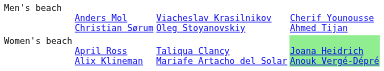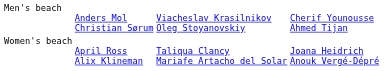 <table>
 <tr valign="top">
 <td>Men's beach<br></td>
 <td><br><a href='#'>Anders Mol</a><br><a href='#'>Christian Sørum</a></td>
 <td><br><a href='#'>Viacheslav Krasilnikov</a><br><a href='#'>Oleg Stoyanovskiy</a></td>
 <td><br><a href='#'>Cherif Younousse</a><br><a href='#'>Ahmed Tijan</a></td>
 </tr>
 <tr valign="top">
 <td>Women's beach<br></td>
 <td><br><a href='#'>April Ross</a><br><a href='#'>Alix Klineman</a></td>
 <td><br><a href='#'>Taliqua Clancy</a><br><a href='#'>Mariafe Artacho del Solar</a></td>
-<td style="background: lightgreen;"><br><a href='#'>Joana Heidrich</a><br><a href='#'>Anouk Vergé-Dépré</a></td>
+<td><br><a href='#'>Joana Heidrich</a><br><a href='#'>Anouk Vergé-Dépré</a></td>
 </tr>
 </table>
